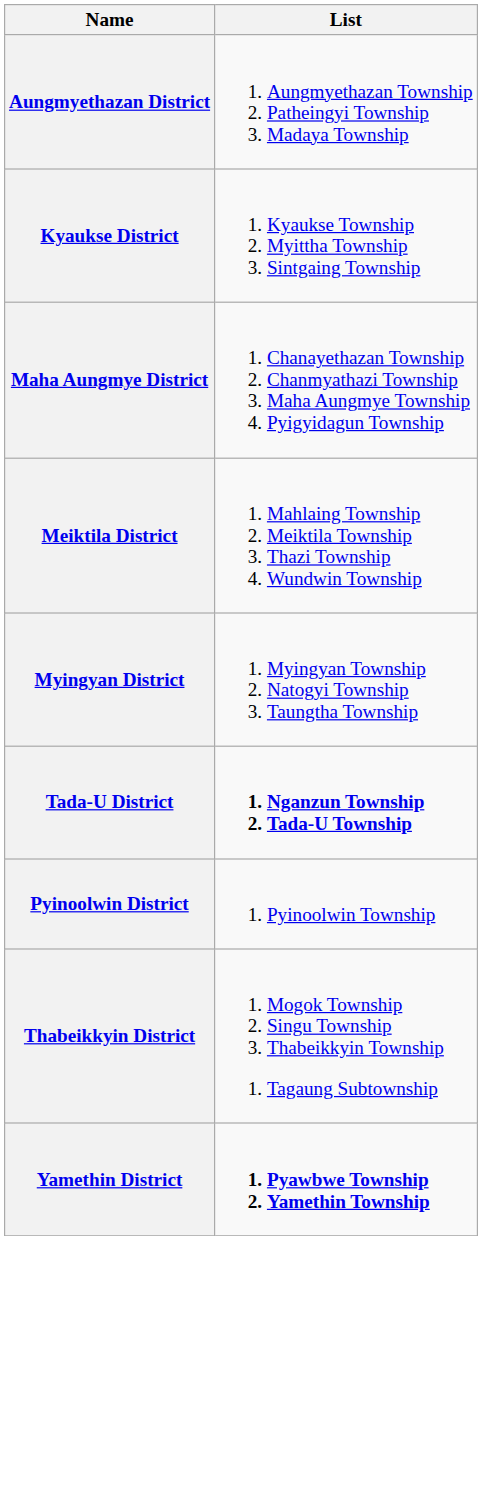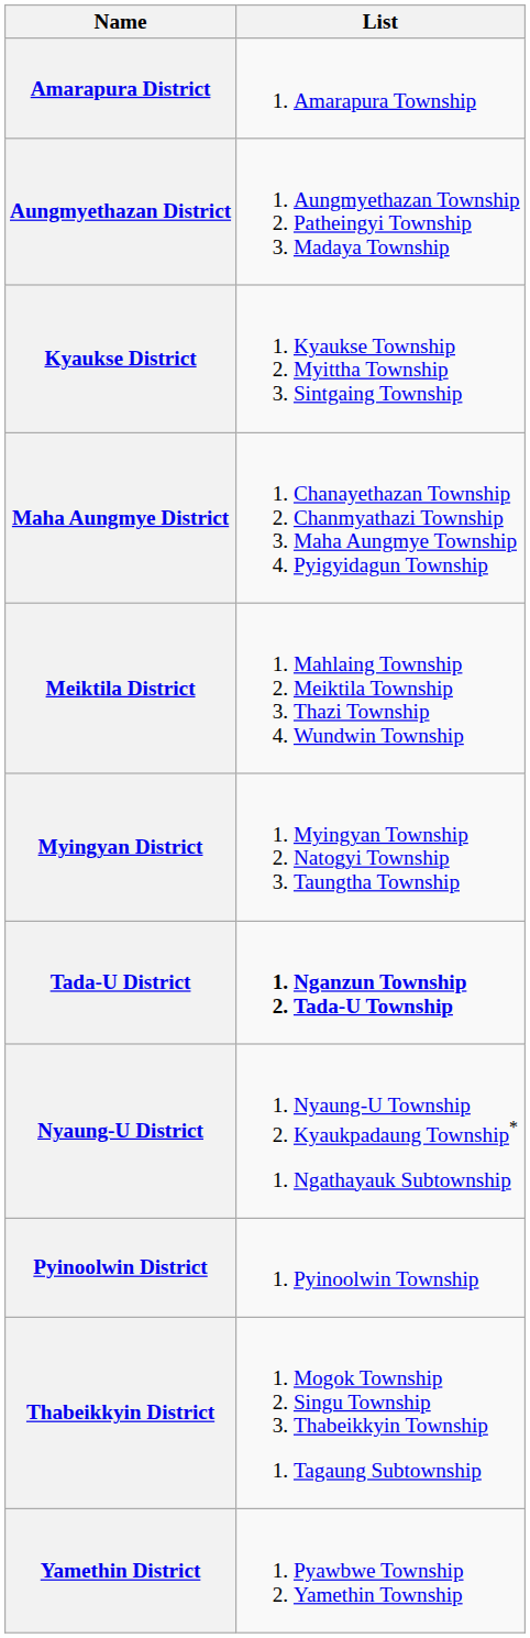 <table class=wikitable>
 <tr>
 <th>Name</th>
 <th>List</th>
+</tr>
+<tr>
+<th><a href='#'>Amarapura District</a></th>
+<td><br><ol><li><a href='#'>Amarapura Township</a></li></ol></td>
 </tr>
 <tr>
 <th><a href='#'>Aungmyethazan District</a></th>
 <td><br><ol><li><a href='#'>Aungmyethazan Township</a></li><li><a href='#'>Patheingyi Township</a></li><li><a href='#'>Madaya Township</a></li></ol></td>
 </tr>
 <tr>
 <th><a href='#'>Kyaukse District</a></th>
 <td><br><ol><li><a href='#'>Kyaukse Township</a></li><li><a href='#'>Myittha Township</a></li><li><a href='#'>Sintgaing Township</a></li></ol></td>
 </tr>
 <tr>
 <th><a href='#'>Maha Aungmye District</a></th>
 <td><br><ol><li><a href='#'>Chanayethazan Township</a></li><li><a href='#'>Chanmyathazi Township</a></li><li><a href='#'>Maha Aungmye Township</a></li><li><a href='#'>Pyigyidagun Township</a></li></ol></td>
 </tr>
 <tr>
 <th><a href='#'>Meiktila District</a></th>
 <td><br><ol><li><a href='#'>Mahlaing Township</a></li><li><a href='#'>Meiktila Township</a></li><li><a href='#'>Thazi Township</a></li><li><a href='#'>Wundwin Township</a></li></ol></td>
 </tr>
 <tr>
 <th><a href='#'>Myingyan District</a></th>
 <td><br><ol><li><a href='#'>Myingyan Township</a></li><li><a href='#'>Natogyi Township</a></li><li><a href='#'>Taungtha Township</a></li></ol></td>
 </tr>
 <tr>
 <th><a href='#'>Tada-U District</a></th>
 <td><strong><br><ol><li><a href='#'>Nganzun Township</a></li><li><a href='#'>Tada-U Township</a></li></ol></strong></td>
 </tr>
 <tr>
+<th><a href='#'>Nyaung-U District</a></th>
+<td><br> <ol><li><a href='#'>Nyaung-U Township</a></li><li><a href='#'>Kyaukpadaung Township</a><sup>*</sup> </li></ol><ol><li><a href='#'>Ngathayauk Subtownship</a></li></ol></td>
+</tr>
+<tr>
 <th><a href='#'>Pyinoolwin District</a></th>
 <td><br><ol><li><a href='#'>Pyinoolwin Township</a></li></ol></td>
 </tr>
 <tr>
 <th><a href='#'>Thabeikkyin District</a></th>
 <td><br> <ol><li><a href='#'>Mogok Township</a></li><li><a href='#'>Singu Township</a></li><li><a href='#'>Thabeikkyin Township</a></li></ol><ol><li><a href='#'>Tagaung Subtownship</a></li></ol></td>
 </tr>
 <tr>
 <th><a href='#'>Yamethin District</a></th>
-<td><strong><br><ol><li><a href='#'>Pyawbwe Township</a></li><li><a href='#'>Yamethin Township</a></li></ol></strong></td>
+<td><br><ol><li><a href='#'>Pyawbwe Township</a></li><li><a href='#'>Yamethin Township</a></li></ol></td>
 </tr>
 </table>
